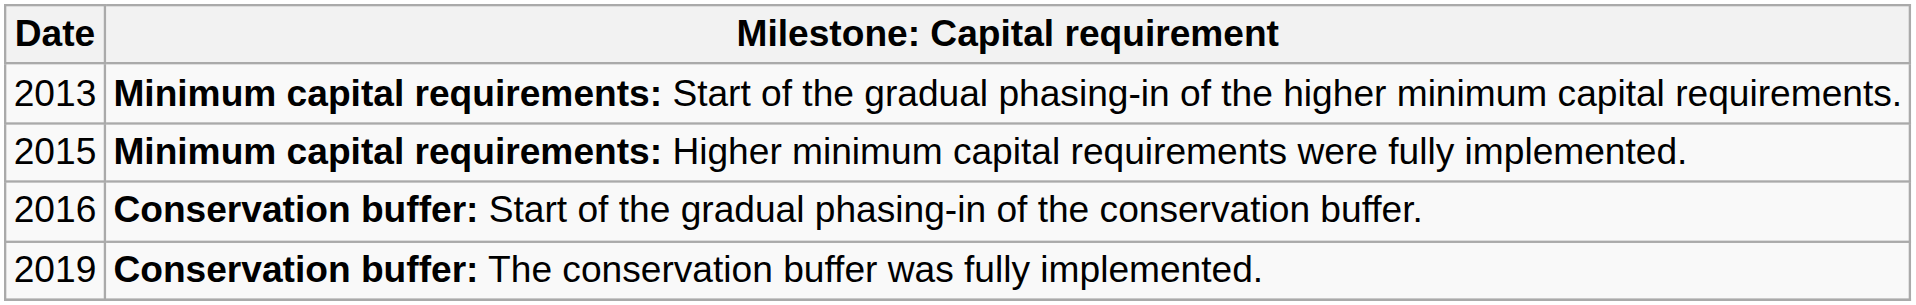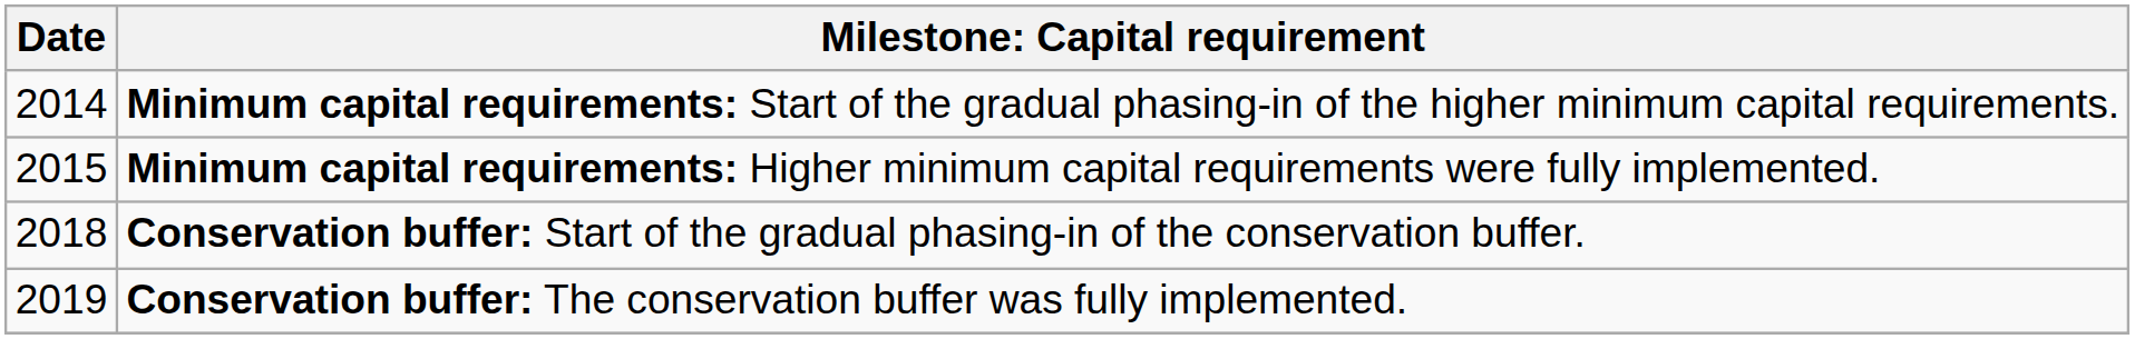 <table class="wikitable">
 <tr>
 <th>Date</th>
 <th>Milestone: Capital requirement</th>
 </tr>
 <tr>
-<td>2013</td>
+<td>2014</td>
 <td><strong>Minimum capital requirements:</strong> Start of the gradual phasing-in of the higher minimum capital requirements.</td>
 </tr>
 <tr>
 <td>2015</td>
 <td><strong>Minimum capital requirements:</strong> Higher minimum capital requirements were fully implemented.</td>
 </tr>
 <tr>
-<td>2016</td>
+<td>2018</td>
 <td><strong>Conservation buffer:</strong> Start of the gradual phasing-in of the conservation buffer.</td>
 </tr>
 <tr>
 <td>2019</td>
 <td><strong>Conservation buffer:</strong> The conservation buffer was fully implemented.</td>
 </tr>
 <tr>
 </tr>
 </table>
